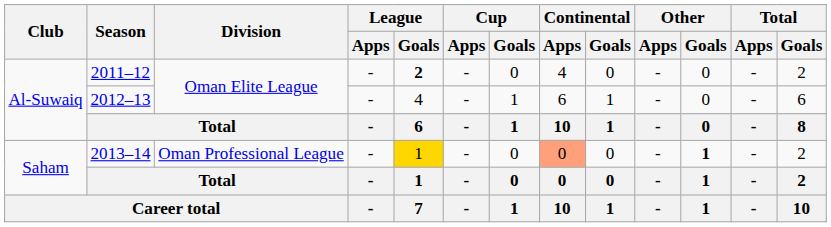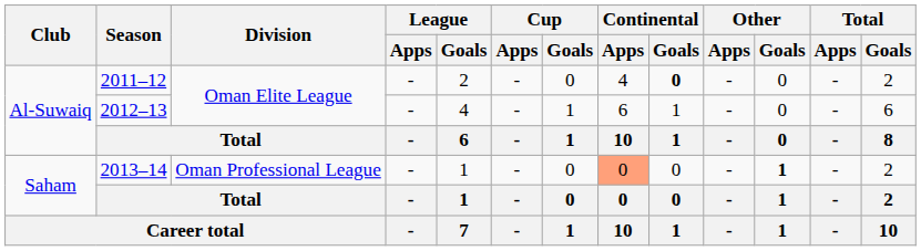 <table class="wikitable" style="text-align: center;">
 <tr>
 <th rowspan="2">Club</th>
 <th rowspan="2">Season</th>
 <th rowspan="2">Division</th>
 <th colspan="2">League</th>
 <th colspan="2">Cup</th>
 <th colspan="2">Continental</th>
 <th colspan="2">Other</th>
 <th colspan="2">Total</th>
 </tr>
 <tr>
 <th>Apps</th>
 <th>Goals</th>
 <th>Apps</th>
 <th>Goals</th>
 <th>Apps</th>
 <th>Goals</th>
 <th>Apps</th>
 <th>Goals</th>
 <th>Apps</th>
 <th>Goals</th>
 </tr>
 <tr>
 <td rowspan="3"><a href='#'>Al-Suwaiq</a></td>
 <td><a href='#'>2011–12</a></td>
 <td rowspan="2"><a href='#'>Oman Elite League</a></td>
 <td>-</td>
-<td><strong>2</strong></td>
+<td>2</td>
 <td>-</td>
 <td>0</td>
 <td>4</td>
-<td>0</td>
+<td><strong>0</strong></td>
 <td>-</td>
 <td>0</td>
 <td>-</td>
 <td>2</td>
 </tr>
 <tr>
 <td><a href='#'>2012–13</a></td>
 <td>-</td>
 <td>4</td>
 <td>-</td>
 <td>1</td>
 <td>6</td>
 <td>1</td>
 <td>-</td>
 <td>0</td>
 <td>-</td>
 <td>6</td>
 </tr>
 <tr>
 <th colspan="2">Total</th>
 <th>-</th>
 <th>6</th>
 <th>-</th>
 <th>1</th>
 <th>10</th>
 <th>1</th>
 <th>-</th>
 <th>0</th>
 <th>-</th>
 <th>8</th>
 </tr>
 <tr>
 <td rowspan="2"><a href='#'>Saham</a></td>
 <td><a href='#'>2013–14</a></td>
 <td rowspan="1"><a href='#'>Oman Professional League</a></td>
 <td>-</td>
-<td style="background: gold;">1</td>
+<td>1</td>
 <td>-</td>
 <td>0</td>
 <td style="background: lightsalmon;">0</td>
 <td>0</td>
 <td>-</td>
 <td><strong>1</strong></td>
 <td>-</td>
 <td>2</td>
 </tr>
 <tr>
 <th colspan="2">Total</th>
 <th>-</th>
 <th>1</th>
 <th>-</th>
 <th>0</th>
 <th>0</th>
 <th>0</th>
 <th>-</th>
 <th>1</th>
 <th>-</th>
 <th>2</th>
 </tr>
 <tr>
 <th colspan="3">Career total</th>
 <th>-</th>
 <th>7</th>
 <th>-</th>
 <th>1</th>
 <th>10</th>
 <th>1</th>
 <th>-</th>
 <th>1</th>
 <th>-</th>
 <th>10</th>
 </tr>
 </table>
